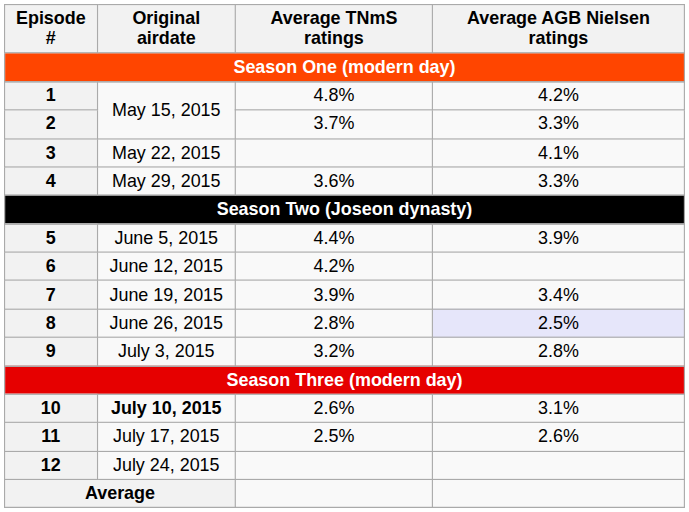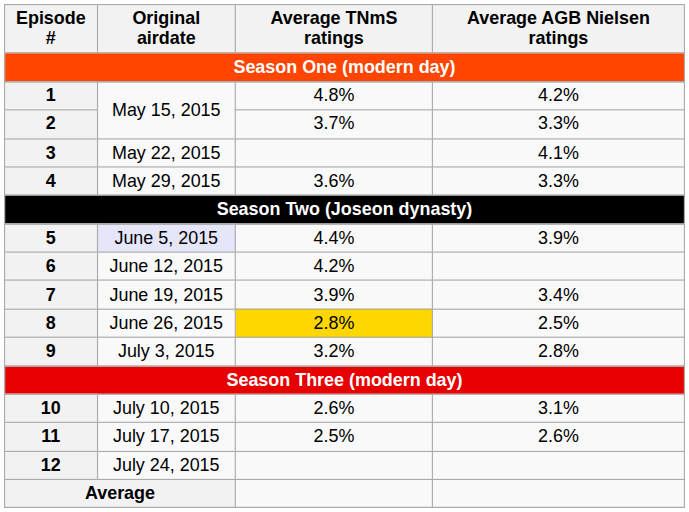 <table class=wikitable style="text-align:center">
 <tr>
 <th>Episode #</th>
 <th>Original airdate</th>
 <th>Average TNmS ratings</th>
 <th>Average AGB Nielsen ratings</th>
 </tr>
 <tr align=center>
 <th style="background:#FF4500; color:#fff;" colspan="7">Season One (modern day)</th>
 </tr>
 <tr align=center>
 </tr>
 <tr>
 <th>1</th>
 <td rowspan="2">May 15, 2015</td>
 <td>4.8%</td>
 <td>4.2%</td>
 </tr>
 <tr>
 <th>2</th>
 <td>3.7%</td>
 <td>3.3%</td>
 </tr>
 <tr>
 <th>3</th>
 <td>May 22, 2015</td>
 <td></td>
 <td>4.1%</td>
 </tr>
 <tr>
 <th>4</th>
 <td>May 29, 2015</td>
 <td>3.6%</td>
 <td>3.3%</td>
 </tr>
 <tr align=center>
 <th style="background:#000000; color:#fff;" colspan="7">Season Two (Joseon dynasty)</th>
 </tr>
 <tr align=center>
 </tr>
 <tr>
 <th>5</th>
-<td>June 5, 2015</td>
+<td style="background: lavender;">June 5, 2015</td>
 <td>4.4%</td>
 <td>3.9%</td>
 </tr>
 <tr>
 <th>6</th>
 <td>June 12, 2015</td>
 <td>4.2%</td>
 <td></td>
 </tr>
 <tr>
 <th>7</th>
 <td>June 19, 2015</td>
 <td>3.9%</td>
 <td>3.4%</td>
 </tr>
 <tr>
 <th>8</th>
 <td>June 26, 2015</td>
-<td>2.8%</td>
-<td style="background: lavender;">2.5%</td>
+<td style="background: gold;">2.8%</td>
+<td>2.5%</td>
 </tr>
 <tr>
 <th>9</th>
 <td>July 3, 2015</td>
 <td>3.2%</td>
 <td>2.8%</td>
 </tr>
 <tr>
 </tr>
 <tr align=center>
 <th style="background:#E60000; color:#fff;" colspan="7">Season Three (modern day)</th>
 </tr>
 <tr align=center>
 <th>10</th>
-<td><strong>July 10, 2015</strong></td>
+<td>July 10, 2015</td>
 <td>2.6%</td>
 <td>3.1%</td>
 </tr>
 <tr>
 <th>11</th>
 <td>July 17, 2015</td>
 <td>2.5%</td>
 <td>2.6%</td>
 </tr>
 <tr>
 <th>12</th>
 <td>July 24, 2015</td>
 <td></td>
 <td></td>
 </tr>
 <tr>
 <th colspan=2>Average</th>
 <td></td>
 <td></td>
 </tr>
 <tr>
 </tr>
 </table>
